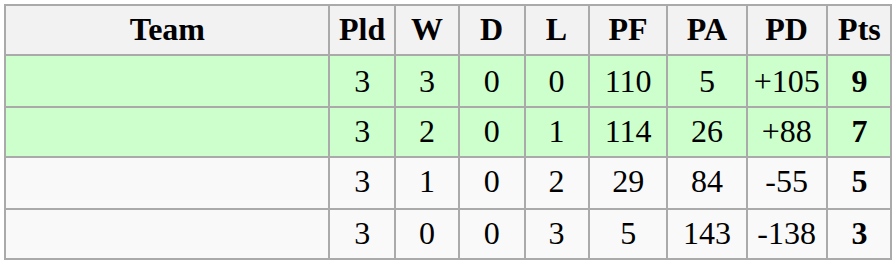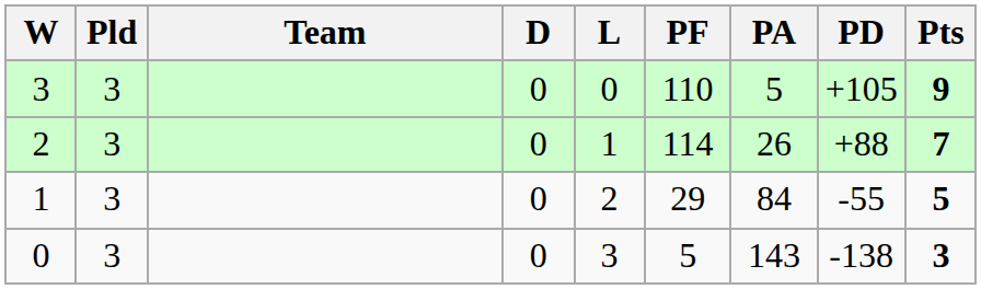 <table class="wikitable" style="text-align:center;">
 <tr>
+<th width=25 abbr="Won">W</th>
+<th width=25 abbr="Played">Pld</th>
 <th width=155>Team</th>
-<th width=25 abbr="Played">Pld</th>
-<th width=25 abbr="Won">W</th>
 <th width=25 abbr="Drawn">D</th>
 <th width=25 abbr="Lost">L</th>
 <th width=32 abbr="Points for">PF</th>
 <th width=32 abbr="Points against">PA</th>
 <th width=32 abbr="Points difference">PD</th>
 <th width=25 abbr="Points">Pts</th>
 </tr>
 <tr style="background:#ccffcc">
-<td align=left></td>
 <td>3</td>
 <td>3</td>
+<td align=left></td>
 <td>0</td>
 <td>0</td>
 <td>110</td>
 <td>5</td>
 <td>+105</td>
 <td><strong>9</strong></td>
 </tr>
 <tr style="background:#ccffcc">
+<td>2</td>
+<td>3</td>
 <td align=left></td>
-<td>3</td>
-<td>2</td>
 <td>0</td>
 <td>1</td>
 <td>114</td>
 <td>26</td>
 <td>+88</td>
 <td><strong>7</strong></td>
 </tr>
 <tr>
+<td>1</td>
+<td>3</td>
 <td align=left></td>
-<td>3</td>
-<td>1</td>
 <td>0</td>
 <td>2</td>
 <td>29</td>
 <td>84</td>
 <td>-55</td>
 <td><strong>5</strong></td>
 </tr>
 <tr>
+<td>0</td>
+<td>3</td>
 <td align=left></td>
-<td>3</td>
-<td>0</td>
 <td>0</td>
 <td>3</td>
 <td>5</td>
 <td>143</td>
 <td>-138</td>
 <td><strong>3</strong></td>
 </tr>
 </table>
